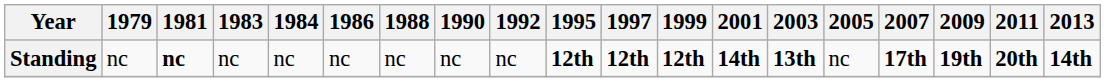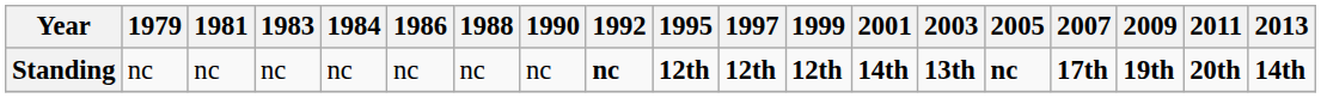 <table class="wikitable">
 <tr>
 <th>Year</th>
 <th>1979</th>
 <th>1981</th>
 <th>1983</th>
 <th>1984</th>
 <th>1986</th>
 <th>1988</th>
 <th>1990</th>
 <th>1992</th>
 <th>1995</th>
 <th>1997</th>
 <th>1999</th>
 <th>2001</th>
 <th>2003</th>
 <th>2005</th>
 <th>2007</th>
 <th>2009</th>
 <th>2011</th>
 <th>2013</th>
 </tr>
 <tr>
 <th>Standing</th>
 <td>nc</td>
-<td><strong>nc</strong></td>
 <td>nc</td>
 <td>nc</td>
 <td>nc</td>
 <td>nc</td>
 <td>nc</td>
 <td>nc</td>
+<td><strong>nc</strong></td>
 <td><strong>12th</strong></td>
 <td><strong>12th</strong></td>
 <td><strong>12th</strong></td>
 <td><strong>14th</strong></td>
 <td><strong>13th</strong></td>
-<td>nc</td>
+<td><strong>nc</strong></td>
 <td><strong>17th</strong></td>
 <td><strong>19th</strong></td>
 <td><strong>20th</strong></td>
 <td><strong>14th</strong></td>
 </tr>
 <tr>
 </tr>
 </table>
